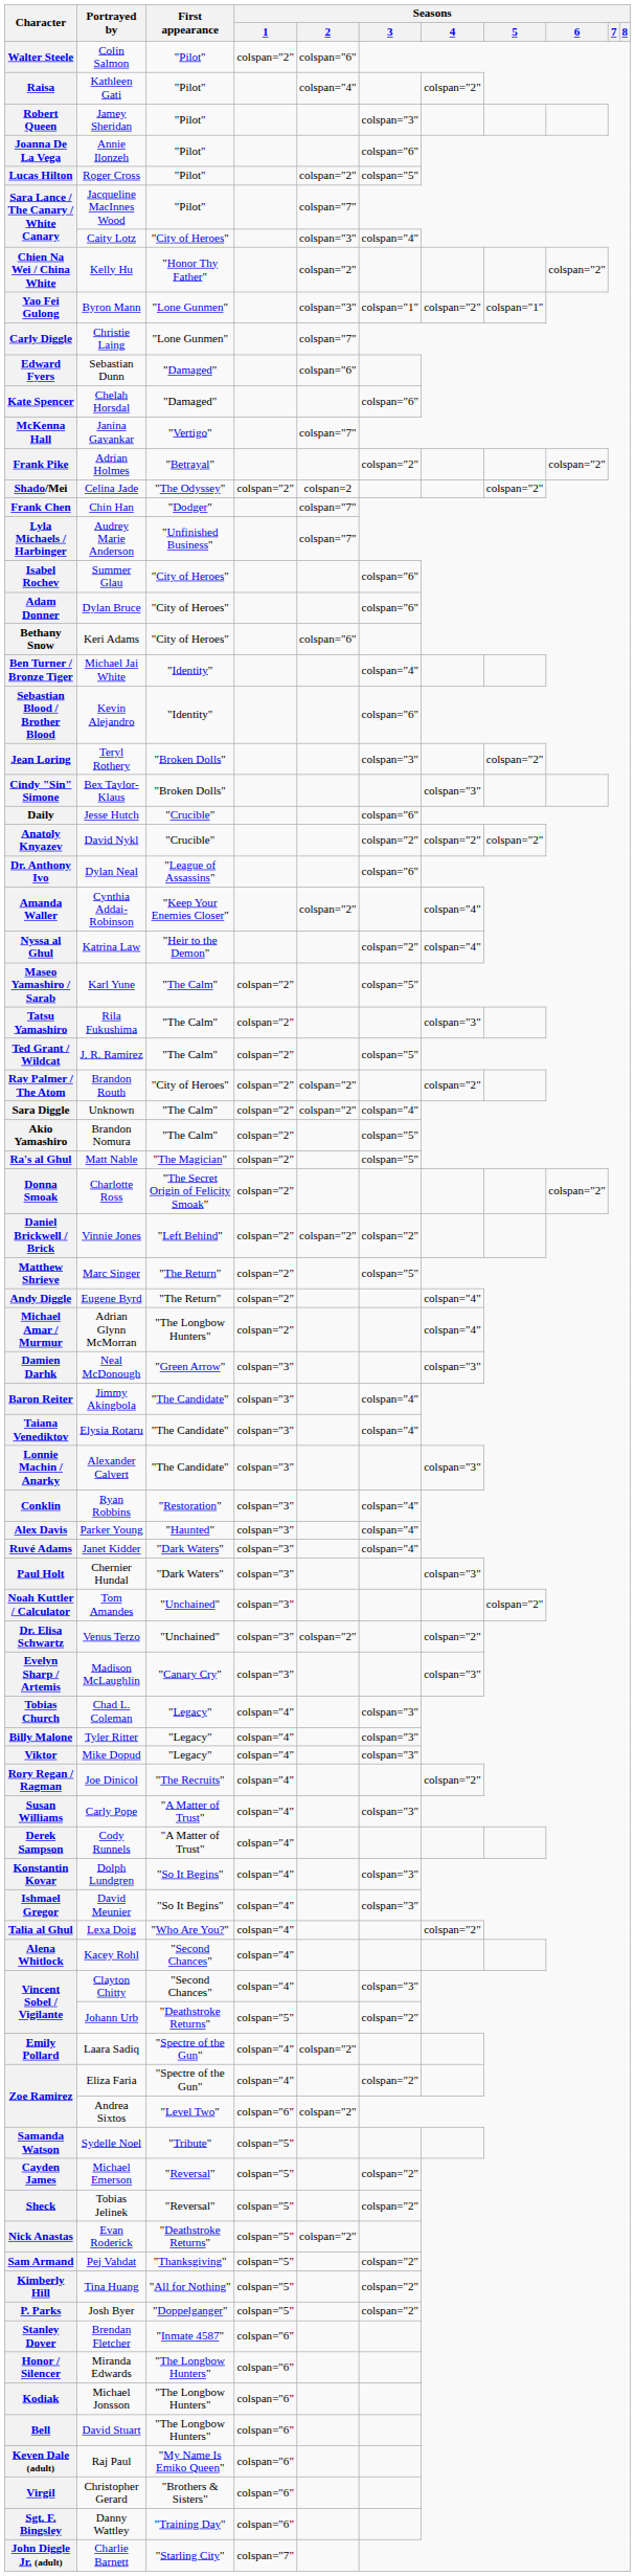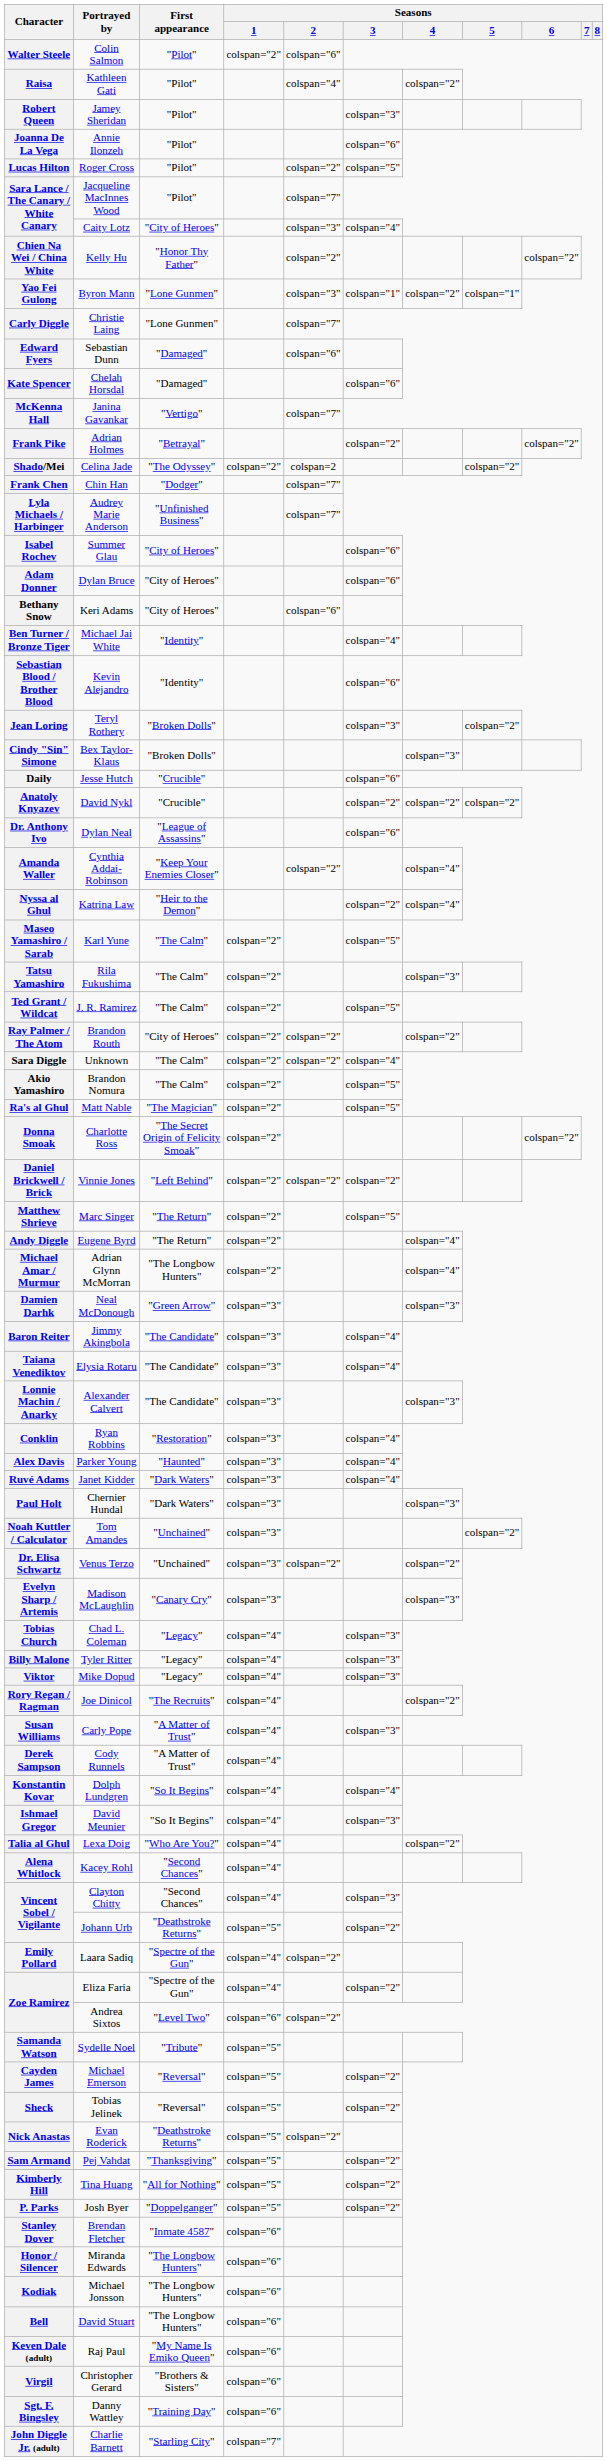 <table class="wikitable plainrowheaders" style="text-align:center;">
 <tr>
 <th scope="col" rowspan="2">Character</th>
 <th scope="col" rowspan="2">Portrayed by</th>
 <th scope="col" rowspan="2">First appearance</th>
 <th scope="col" colspan="8">Seasons</th>
 </tr>
 <tr>
 <th scope="col"><a href='#'>1</a></th>
 <th scope="col"><a href='#'>2</a></th>
 <th scope="col"><a href='#'>3</a></th>
 <th scope="col"><a href='#'>4</a></th>
 <th scope="col"><a href='#'>5</a></th>
 <th scope="col"><a href='#'>6</a></th>
 <th scope="col"><a href='#'>7</a></th>
 <th scope="col"><a href='#'>8</a></th>
 </tr>
 <tr>
 <th scope="row"><a href='#'>Walter Steele</a></th>
 <td><a href='#'>Colin Salmon</a></td>
 <td>"<a href='#'>Pilot</a>"</td>
 <td>colspan="2" </td>
 <td>colspan="6" </td>
 </tr>
 <tr>
 <th scope="row"><a href='#'>Raisa</a></th>
 <td><a href='#'>Kathleen Gati</a></td>
 <td>"Pilot"</td>
 <td></td>
 <td>colspan="4" </td>
 <td></td>
 <td>colspan="2" </td>
 </tr>
 <tr>
 <th scope="row"><a href='#'>Robert Queen</a></th>
 <td><a href='#'>Jamey Sheridan</a></td>
 <td>"Pilot"</td>
 <td></td>
 <td></td>
 <td>colspan="3" </td>
 <td></td>
 <td></td>
 <td></td>
 </tr>
 <tr>
 <th scope="row"><a href='#'>Joanna De La Vega</a></th>
 <td><a href='#'>Annie Ilonzeh</a></td>
 <td>"Pilot"</td>
 <td></td>
 <td></td>
 <td>colspan="6" </td>
 </tr>
 <tr>
 <th scope="row"><a href='#'>Lucas Hilton</a></th>
 <td><a href='#'>Roger Cross</a></td>
 <td>"Pilot"</td>
 <td></td>
 <td>colspan="2" </td>
 <td>colspan="5" </td>
 </tr>
 <tr>
 <th scope="row" rowspan="2"><a href='#'>Sara Lance / The Canary / White Canary</a></th>
 <td><a href='#'>Jacqueline MacInnes Wood</a></td>
 <td>"Pilot"</td>
 <td></td>
 <td>colspan="7" </td>
 </tr>
 <tr>
 <td><a href='#'>Caity Lotz</a></td>
 <td>"<a href='#'>City of Heroes</a>"</td>
 <td></td>
 <td>colspan="3" </td>
 <td>colspan="4" </td>
 </tr>
 <tr>
 <th scope="row"><a href='#'>Chien Na Wei / China White</a></th>
 <td><a href='#'>Kelly Hu</a></td>
 <td>"<a href='#'>Honor Thy Father</a>"</td>
 <td></td>
 <td>colspan="2" </td>
 <td></td>
 <td></td>
 <td></td>
 <td>colspan="2" </td>
 </tr>
 <tr>
 <th scope="row"><a href='#'>Yao Fei Gulong</a></th>
 <td><a href='#'>Byron Mann</a></td>
 <td>"<a href='#'>Lone Gunmen</a>"</td>
 <td></td>
 <td>colspan="3" </td>
 <td>colspan="1" </td>
 <td>colspan="2" </td>
 <td>colspan="1" </td>
 </tr>
 <tr>
 <th scope="row"><a href='#'>Carly Diggle</a></th>
 <td><a href='#'>Christie Laing</a></td>
 <td>"Lone Gunmen"</td>
 <td></td>
 <td>colspan="7" </td>
 </tr>
 <tr>
 <th scope="row"><a href='#'>Edward Fyers</a></th>
 <td>Sebastian Dunn</td>
 <td>"<a href='#'>Damaged</a>"</td>
 <td></td>
 <td>colspan="6" </td>
 <td></td>
 </tr>
 <tr>
 <th scope="row"><a href='#'>Kate Spencer</a></th>
 <td><a href='#'>Chelah Horsdal</a></td>
 <td>"Damaged"</td>
 <td></td>
 <td></td>
 <td>colspan="6" </td>
 </tr>
 <tr>
 <th scope="row"><a href='#'>McKenna Hall</a></th>
 <td><a href='#'>Janina Gavankar</a></td>
 <td>"<a href='#'>Vertigo</a>"</td>
 <td></td>
 <td>colspan="7" </td>
 </tr>
 <tr>
 <th scope="row"><a href='#'>Frank Pike</a></th>
 <td><a href='#'>Adrian Holmes</a></td>
 <td>"<a href='#'>Betrayal</a>"</td>
 <td></td>
 <td></td>
 <td>colspan="2" </td>
 <td></td>
 <td></td>
 <td>colspan="2" </td>
 </tr>
 <tr>
 <th scope="row"><a href='#'>Shado</a>/Mei</th>
 <td><a href='#'>Celina Jade</a></td>
 <td>"<a href='#'>The Odyssey</a>"</td>
 <td>colspan="2" </td>
 <td>colspan=2 </td>
 <td></td>
 <td></td>
 <td>colspan="2" </td>
 </tr>
 <tr>
 <th scope="row"><a href='#'>Frank Chen</a></th>
 <td><a href='#'>Chin Han</a></td>
 <td>"<a href='#'>Dodger</a>"</td>
 <td></td>
 <td>colspan="7" </td>
 </tr>
 <tr>
 <th scope="row"><a href='#'>Lyla Michaels / Harbinger</a></th>
 <td><a href='#'>Audrey Marie Anderson</a></td>
 <td>"<a href='#'>Unfinished Business</a>"</td>
 <td></td>
 <td>colspan="7" </td>
 </tr>
 <tr>
 <th scope="row"><a href='#'>Isabel Rochev</a></th>
 <td><a href='#'>Summer Glau</a></td>
 <td>"<a href='#'>City of Heroes</a>"</td>
 <td></td>
 <td></td>
 <td>colspan="6" </td>
 </tr>
 <tr>
 <th scope="row"><a href='#'>Adam Donner</a></th>
 <td><a href='#'>Dylan Bruce</a></td>
 <td>"City of Heroes"</td>
 <td></td>
 <td></td>
 <td>colspan="6" </td>
 </tr>
 <tr>
 <th scope="row">Bethany Snow</th>
 <td>Keri Adams</td>
 <td>"City of Heroes"</td>
 <td></td>
 <td>colspan="6" </td>
 <td></td>
 </tr>
 <tr>
 <th scope="row"><a href='#'>Ben Turner / Bronze Tiger</a></th>
 <td><a href='#'>Michael Jai White</a></td>
 <td>"<a href='#'>Identity</a>"</td>
 <td></td>
 <td></td>
 <td>colspan="4" </td>
 <td></td>
 <td></td>
 </tr>
 <tr>
 <th scope="row"><a href='#'>Sebastian Blood / Brother Blood</a></th>
 <td><a href='#'>Kevin Alejandro</a></td>
 <td>"Identity"</td>
 <td></td>
 <td></td>
 <td>colspan="6" </td>
 </tr>
 <tr>
 <th scope="row"><a href='#'>Jean Loring</a></th>
 <td><a href='#'>Teryl Rothery</a></td>
 <td>"<a href='#'>Broken Dolls</a>"</td>
 <td></td>
 <td></td>
 <td>colspan="3" </td>
 <td></td>
 <td>colspan="2" </td>
 </tr>
 <tr>
 <th scope="row"><a href='#'>Cindy "Sin" Simone</a></th>
 <td><a href='#'>Bex Taylor-Klaus</a></td>
 <td>"Broken Dolls"</td>
 <td></td>
 <td></td>
 <td></td>
 <td>colspan="3" </td>
 <td></td>
 <td></td>
 </tr>
 <tr>
 <th scope="row">Daily</th>
 <td><a href='#'>Jesse Hutch</a></td>
 <td>"<a href='#'>Crucible</a>"</td>
 <td></td>
 <td></td>
 <td>colspan="6" </td>
 </tr>
 <tr>
 <th scope="row"><a href='#'>Anatoly Knyazev</a></th>
 <td><a href='#'>David Nykl</a></td>
 <td>"Crucible"</td>
 <td></td>
 <td></td>
 <td>colspan="2" </td>
 <td>colspan="2" </td>
 <td>colspan="2" </td>
 </tr>
 <tr>
 <th scope="row"><a href='#'>Dr. Anthony Ivo</a></th>
 <td><a href='#'>Dylan Neal</a></td>
 <td>"<a href='#'>League of Assassins</a>"</td>
 <td></td>
 <td></td>
 <td>colspan="6" </td>
 </tr>
 <tr>
 <th scope="row"><a href='#'>Amanda Waller</a></th>
 <td><a href='#'>Cynthia Addai-Robinson</a></td>
 <td>"<a href='#'>Keep Your Enemies Closer</a>"</td>
 <td></td>
 <td>colspan="2" </td>
 <td></td>
 <td>colspan="4" </td>
 </tr>
 <tr>
 <th scope="row"><a href='#'>Nyssa al Ghul</a></th>
 <td><a href='#'>Katrina Law</a></td>
 <td>"<a href='#'>Heir to the Demon</a>"</td>
 <td></td>
 <td></td>
 <td>colspan="2" </td>
 <td>colspan="4" </td>
 </tr>
 <tr>
 <th scope="row"><a href='#'>Maseo Yamashiro / Sarab</a></th>
 <td><a href='#'>Karl Yune</a></td>
 <td>"<a href='#'>The Calm</a>"</td>
 <td>colspan="2" </td>
 <td></td>
 <td>colspan="5" </td>
 </tr>
 <tr>
 <th scope="row"><a href='#'>Tatsu Yamashiro</a></th>
 <td><a href='#'>Rila Fukushima</a></td>
 <td>"The Calm"</td>
 <td>colspan="2" </td>
 <td></td>
 <td></td>
 <td>colspan="3" </td>
 <td></td>
 </tr>
 <tr>
 <th scope="row"><a href='#'>Ted Grant / Wildcat</a></th>
 <td><a href='#'>J. R. Ramirez</a></td>
 <td>"The Calm"</td>
 <td>colspan="2" </td>
 <td></td>
 <td>colspan="5" </td>
 </tr>
 <tr>
 <th scope="row"><a href='#'>Ray Palmer / The Atom</a></th>
 <td><a href='#'>Brandon Routh</a></td>
 <td>"City of Heroes"</td>
 <td>colspan="2" </td>
 <td>colspan="2" </td>
 <td></td>
 <td>colspan="2" </td>
 <td></td>
 </tr>
 <tr>
 <th scope="row">Sara Diggle</th>
 <td>Unknown</td>
 <td>"The Calm"</td>
 <td>colspan="2" </td>
 <td>colspan="2" </td>
 <td>colspan="4" </td>
 </tr>
 <tr>
 <th scope="row">Akio Yamashiro</th>
 <td>Brandon Nomura</td>
 <td>"The Calm"</td>
 <td>colspan="2" </td>
 <td></td>
 <td>colspan="5" </td>
 </tr>
 <tr>
 <th scope="row"><a href='#'>Ra's al Ghul</a></th>
 <td><a href='#'>Matt Nable</a></td>
 <td>"<a href='#'>The Magician</a>"</td>
 <td>colspan="2" </td>
 <td></td>
 <td>colspan="5" </td>
 </tr>
 <tr>
 <th scope="row"><a href='#'>Donna Smoak</a></th>
 <td><a href='#'>Charlotte Ross</a></td>
 <td>"<a href='#'>The Secret Origin of Felicity Smoak</a>"</td>
 <td>colspan="2" </td>
 <td></td>
 <td></td>
 <td></td>
 <td></td>
 <td>colspan="2" </td>
 </tr>
 <tr>
 <th scope="row"><a href='#'>Daniel Brickwell / Brick</a></th>
 <td><a href='#'>Vinnie Jones</a></td>
 <td>"<a href='#'>Left Behind</a>"</td>
 <td>colspan="2" </td>
 <td>colspan="2" </td>
 <td>colspan="2" </td>
 <td></td>
 <td></td>
 </tr>
 <tr>
 <th scope="row"><a href='#'>Matthew Shrieve</a></th>
 <td><a href='#'>Marc Singer</a></td>
 <td>"<a href='#'>The Return</a>"</td>
 <td>colspan="2" </td>
 <td></td>
 <td>colspan="5" </td>
 </tr>
 <tr>
 <th scope="row"><a href='#'>Andy Diggle</a></th>
 <td><a href='#'>Eugene Byrd</a></td>
 <td>"The Return"</td>
 <td>colspan="2" </td>
 <td></td>
 <td></td>
 <td>colspan="4" </td>
 </tr>
 <tr>
 <th scope="row"><a href='#'>Michael Amar / Murmur</a></th>
 <td>Adrian Glynn McMorran</td>
 <td>"The Longbow Hunters"</td>
 <td>colspan="2" </td>
 <td></td>
 <td></td>
 <td>colspan="4" </td>
 </tr>
 <tr>
 <th scope="row"><a href='#'>Damien Darhk</a></th>
 <td><a href='#'>Neal McDonough</a></td>
 <td>"<a href='#'>Green Arrow</a>"</td>
 <td>colspan="3" </td>
 <td></td>
 <td></td>
 <td>colspan="3" </td>
 </tr>
 <tr>
 <th scope="row"><a href='#'>Baron Reiter</a></th>
 <td><a href='#'>Jimmy Akingbola</a></td>
 <td>"<a href='#'>The Candidate</a>"</td>
 <td>colspan="3" </td>
 <td></td>
 <td>colspan="4" </td>
 </tr>
 <tr>
 <th scope="row"><a href='#'>Taiana Venediktov</a></th>
 <td><a href='#'>Elysia Rotaru</a></td>
 <td>"The Candidate"</td>
 <td>colspan="3" </td>
 <td></td>
 <td>colspan="4" </td>
 </tr>
 <tr>
 <th scope="row"><a href='#'>Lonnie Machin / Anarky</a></th>
 <td><a href='#'>Alexander Calvert</a></td>
 <td>"The Candidate"</td>
 <td>colspan="3" </td>
 <td></td>
 <td></td>
 <td>colspan="3" </td>
 </tr>
 <tr>
 <th scope="row"><a href='#'>Conklin</a></th>
 <td><a href='#'>Ryan Robbins</a></td>
 <td>"<a href='#'>Restoration</a>"</td>
 <td>colspan="3" </td>
 <td></td>
 <td>colspan="4" </td>
 </tr>
 <tr>
 <th scope="row"><a href='#'>Alex Davis</a></th>
 <td><a href='#'>Parker Young</a></td>
 <td>"<a href='#'>Haunted</a>"</td>
 <td>colspan="3" </td>
 <td></td>
 <td>colspan="4" </td>
 </tr>
 <tr>
 <th scope="row"><a href='#'>Ruvé Adams</a></th>
 <td><a href='#'>Janet Kidder</a></td>
 <td>"<a href='#'>Dark Waters</a>"</td>
 <td>colspan="3" </td>
 <td></td>
 <td>colspan="4" </td>
 </tr>
 <tr>
 <th scope="row"><a href='#'>Paul Holt</a></th>
 <td>Chernier Hundal</td>
 <td>"Dark Waters"</td>
 <td>colspan="3" </td>
 <td></td>
 <td></td>
 <td>colspan="3" </td>
 </tr>
 <tr>
 <th scope="row"><a href='#'>Noah Kuttler / Calculator</a></th>
 <td><a href='#'>Tom Amandes</a></td>
 <td>"<a href='#'>Unchained</a>"</td>
 <td>colspan="3" </td>
 <td></td>
 <td></td>
 <td></td>
 <td>colspan="2" </td>
 </tr>
 <tr>
 <th scope="row"><a href='#'>Dr. Elisa Schwartz</a></th>
 <td><a href='#'>Venus Terzo</a></td>
 <td>"Unchained"</td>
 <td>colspan="3" </td>
 <td>colspan="2" </td>
 <td></td>
 <td>colspan="2" </td>
 </tr>
 <tr>
 <th scope="row"><a href='#'>Evelyn Sharp / Artemis</a></th>
 <td><a href='#'>Madison McLaughlin</a></td>
 <td>"<a href='#'>Canary Cry</a>"</td>
 <td>colspan="3" </td>
 <td></td>
 <td></td>
 <td>colspan="3" </td>
 </tr>
 <tr>
 <th scope="row"><a href='#'>Tobias Church</a></th>
 <td><a href='#'>Chad L. Coleman</a></td>
 <td>"<a href='#'>Legacy</a>"</td>
 <td>colspan="4" </td>
 <td></td>
 <td>colspan="3" </td>
 </tr>
 <tr>
 <th scope="row"><a href='#'>Billy Malone</a></th>
 <td><a href='#'>Tyler Ritter</a></td>
 <td>"Legacy"</td>
 <td>colspan="4" </td>
 <td></td>
 <td>colspan="3" </td>
 </tr>
 <tr>
 <th scope="row"><a href='#'>Viktor</a></th>
 <td><a href='#'>Mike Dopud</a></td>
 <td>"Legacy"</td>
 <td>colspan="4" </td>
 <td></td>
 <td>colspan="3" </td>
 </tr>
 <tr>
 <th scope="row"><a href='#'>Rory Regan / Ragman</a></th>
 <td><a href='#'>Joe Dinicol</a></td>
 <td>"<a href='#'>The Recruits</a>"</td>
 <td>colspan="4" </td>
 <td></td>
 <td></td>
 <td>colspan="2" </td>
 </tr>
 <tr>
 <th scope="row"><a href='#'>Susan Williams</a></th>
 <td><a href='#'>Carly Pope</a></td>
 <td>"<a href='#'>A Matter of Trust</a>"</td>
 <td>colspan="4" </td>
 <td></td>
 <td>colspan="3" </td>
 </tr>
 <tr>
 <th scope="row"><a href='#'>Derek Sampson</a></th>
 <td><a href='#'>Cody Runnels</a></td>
 <td>"A Matter of Trust"</td>
 <td>colspan="4" </td>
 <td></td>
 <td></td>
 <td></td>
 <td></td>
 </tr>
 <tr>
 <th scope="row"><a href='#'>Konstantin Kovar</a></th>
 <td><a href='#'>Dolph Lundgren</a></td>
 <td>"<a href='#'>So It Begins</a>"</td>
 <td>colspan="4" </td>
 <td></td>
-<td>colspan="3" </td>
+<td>colspan="4" </td>
 </tr>
 <tr>
 <th scope="row"><a href='#'>Ishmael Gregor</a></th>
 <td><a href='#'>David Meunier</a></td>
 <td>"So It Begins"</td>
 <td>colspan="4" </td>
 <td></td>
 <td>colspan="3" </td>
 </tr>
 <tr>
 <th scope="row"><a href='#'>Talia al Ghul</a></th>
 <td><a href='#'>Lexa Doig</a></td>
 <td>"<a href='#'>Who Are You?</a>"</td>
 <td>colspan="4" </td>
 <td></td>
 <td></td>
 <td>colspan="2" </td>
 </tr>
 <tr>
 <th scope="row"><a href='#'>Alena Whitlock</a></th>
 <td><a href='#'>Kacey Rohl</a></td>
 <td>"<a href='#'>Second Chances</a>"</td>
 <td>colspan="4" </td>
 <td></td>
 <td></td>
 <td></td>
 <td></td>
 </tr>
 <tr>
 <th scope="row" rowspan="2"><a href='#'>Vincent Sobel / Vigilante</a></th>
 <td><a href='#'>Clayton Chitty</a></td>
 <td>"Second Chances"</td>
 <td>colspan="4" </td>
 <td></td>
 <td>colspan="3" </td>
 </tr>
 <tr>
 <td><a href='#'>Johann Urb</a></td>
 <td>"<a href='#'>Deathstroke Returns</a>"</td>
 <td>colspan="5" </td>
 <td></td>
 <td>colspan="2" </td>
 </tr>
 <tr>
 <th scope="row"><a href='#'>Emily Pollard</a></th>
 <td>Laara Sadiq</td>
 <td>"<a href='#'>Spectre of the Gun</a>"</td>
 <td>colspan="4" </td>
 <td>colspan="2" </td>
 <td></td>
 <td></td>
 </tr>
 <tr>
 <th scope="row" rowspan="2"><a href='#'>Zoe Ramirez</a></th>
 <td>Eliza Faria</td>
 <td>"Spectre of the Gun"</td>
 <td>colspan="4" </td>
 <td></td>
 <td>colspan="2" </td>
 <td></td>
 </tr>
 <tr>
 <td>Andrea Sixtos</td>
 <td>"<a href='#'>Level Two</a>"</td>
 <td>colspan="6" </td>
 <td>colspan="2" </td>
 </tr>
 <tr>
 <th scope="row"><a href='#'>Samanda Watson</a></th>
 <td><a href='#'>Sydelle Noel</a></td>
 <td>"<a href='#'>Tribute</a>"</td>
 <td>colspan="5" </td>
 <td></td>
 <td></td>
 <td></td>
 </tr>
 <tr>
 <th scope="row"><a href='#'>Cayden James</a></th>
 <td><a href='#'>Michael Emerson</a></td>
 <td>"<a href='#'>Reversal</a>"</td>
 <td>colspan="5" </td>
 <td></td>
 <td>colspan="2" </td>
 </tr>
 <tr>
 <th scope="row"><a href='#'>Sheck</a></th>
 <td>Tobias Jelinek</td>
 <td>"Reversal"</td>
 <td>colspan="5" </td>
 <td></td>
 <td>colspan="2" </td>
 </tr>
 <tr>
 <th scope="row"><a href='#'>Nick Anastas</a></th>
 <td><a href='#'>Evan Roderick</a></td>
 <td>"<a href='#'>Deathstroke Returns</a>"</td>
 <td>colspan="5" </td>
 <td>colspan="2" </td>
 <td></td>
 </tr>
 <tr>
 <th scope="row"><a href='#'>Sam Armand</a></th>
 <td><a href='#'>Pej Vahdat</a></td>
 <td>"<a href='#'>Thanksgiving</a>"</td>
 <td>colspan="5" </td>
 <td></td>
 <td>colspan="2" </td>
 </tr>
 <tr>
 <th scope="row"><a href='#'>Kimberly Hill</a></th>
 <td><a href='#'>Tina Huang</a></td>
 <td>"<a href='#'>All for Nothing</a>"</td>
 <td>colspan="5" </td>
 <td></td>
 <td>colspan="2" </td>
 </tr>
 <tr>
 <th scope="row"><a href='#'>P. Parks</a></th>
 <td>Josh Byer</td>
 <td>"<a href='#'>Doppelganger</a>"</td>
 <td>colspan="5" </td>
 <td></td>
 <td>colspan="2" </td>
 </tr>
 <tr>
 <th scope="row"><a href='#'>Stanley Dover</a></th>
 <td><a href='#'>Brendan Fletcher</a></td>
 <td>"<a href='#'>Inmate 4587</a>"</td>
 <td>colspan="6" </td>
 <td></td>
 <td></td>
 </tr>
 <tr>
 <th scope="row"><a href='#'>Honor / Silencer</a></th>
 <td>Miranda Edwards</td>
 <td>"<a href='#'>The Longbow Hunters</a>"</td>
 <td>colspan="6" </td>
 <td></td>
 <td></td>
 </tr>
 <tr>
 <th scope="row"><a href='#'>Kodiak</a></th>
 <td>Michael Jonsson</td>
 <td>"The Longbow Hunters"</td>
 <td>colspan="6" </td>
 <td></td>
 <td></td>
 </tr>
 <tr>
 <th scope="row"><a href='#'>Bell</a></th>
 <td><a href='#'>David Stuart</a></td>
 <td>"The Longbow Hunters"</td>
 <td>colspan="6" </td>
 <td></td>
 <td></td>
 </tr>
 <tr>
 <th scope="row"><a href='#'>Keven Dale</a> <small>(adult)</small></th>
 <td>Raj Paul</td>
 <td>"<a href='#'>My Name Is Emiko Queen</a>"</td>
 <td>colspan="6" </td>
 <td></td>
 <td></td>
 </tr>
 <tr>
 <th scope="row"><a href='#'>Virgil</a></th>
 <td>Christopher Gerard</td>
 <td>"Brothers & Sisters"</td>
 <td>colspan="6" </td>
 <td></td>
 <td></td>
 </tr>
 <tr>
 <th scope="row"><a href='#'>Sgt. F. Bingsley</a></th>
 <td>Danny Wattley</td>
 <td>"<a href='#'>Training Day</a>"</td>
 <td>colspan="6" </td>
 <td></td>
 <td></td>
 </tr>
 <tr>
 <th scope="row"><a href='#'>John Diggle Jr.</a> <small>(adult)</small></th>
 <td><a href='#'>Charlie Barnett</a></td>
 <td>"<a href='#'>Starling City</a>"</td>
 <td>colspan="7" </td>
 <td></td>
 </tr>
 </table>
